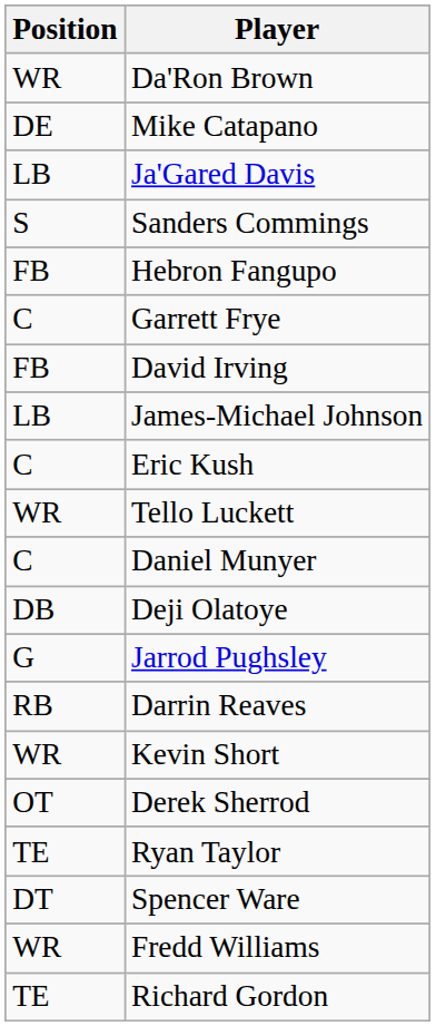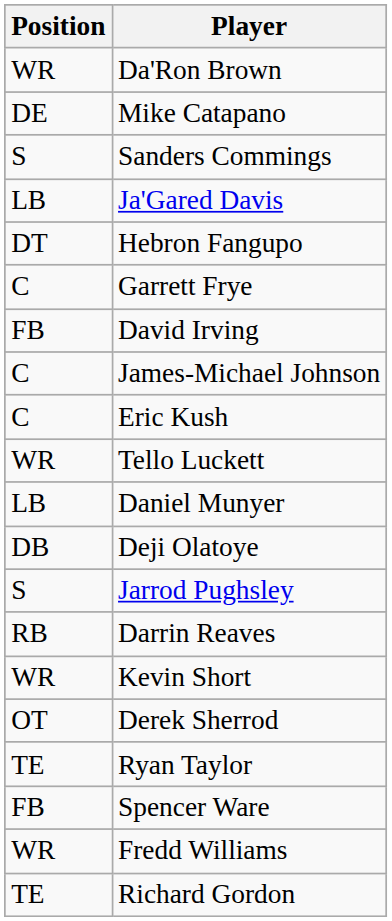 <table class="wikitable sortable">
 <tr>
 <th>Position</th>
 <th>Player</th>
 </tr>
 <tr>
 <td>WR</td>
 <td>Da'Ron Brown</td>
 </tr>
 <tr>
 <td>DE</td>
 <td>Mike Catapano</td>
 </tr>
 <tr>
+<td>S</td>
+<td>Sanders Commings</td>
+</tr>
+<tr>
 <td>LB</td>
 <td><a href='#'>Ja'Gared Davis</a></td>
 </tr>
 <tr>
-<td>S</td>
-<td>Sanders Commings</td>
-</tr>
-<tr>
-<td>FB</td>
+<td>DT</td>
 <td>Hebron Fangupo</td>
 </tr>
 <tr>
 <td>C</td>
 <td>Garrett Frye</td>
 </tr>
 <tr>
 <td>FB</td>
 <td>David Irving</td>
 </tr>
 <tr>
-<td>LB</td>
+<td>C</td>
 <td>James-Michael Johnson</td>
 </tr>
 <tr>
 <td>C</td>
 <td>Eric Kush</td>
 </tr>
 <tr>
 <td>WR</td>
 <td>Tello Luckett</td>
 </tr>
 <tr>
-<td>C</td>
+<td>LB</td>
 <td>Daniel Munyer</td>
 </tr>
 <tr>
 <td>DB</td>
 <td>Deji Olatoye</td>
 </tr>
 <tr>
-<td>G</td>
+<td>S</td>
 <td><a href='#'>Jarrod Pughsley</a></td>
 </tr>
 <tr>
 <td>RB</td>
 <td>Darrin Reaves</td>
 </tr>
 <tr>
 <td>WR</td>
 <td>Kevin Short</td>
 </tr>
 <tr>
 <td>OT</td>
 <td>Derek Sherrod</td>
 </tr>
 <tr>
 <td>TE</td>
 <td>Ryan Taylor</td>
 </tr>
 <tr>
-<td>DT</td>
+<td>FB</td>
 <td>Spencer Ware</td>
 </tr>
 <tr>
 <td>WR</td>
 <td>Fredd Williams</td>
 </tr>
 <tr>
 <td>TE</td>
 <td>Richard Gordon</td>
 </tr>
 </table>
